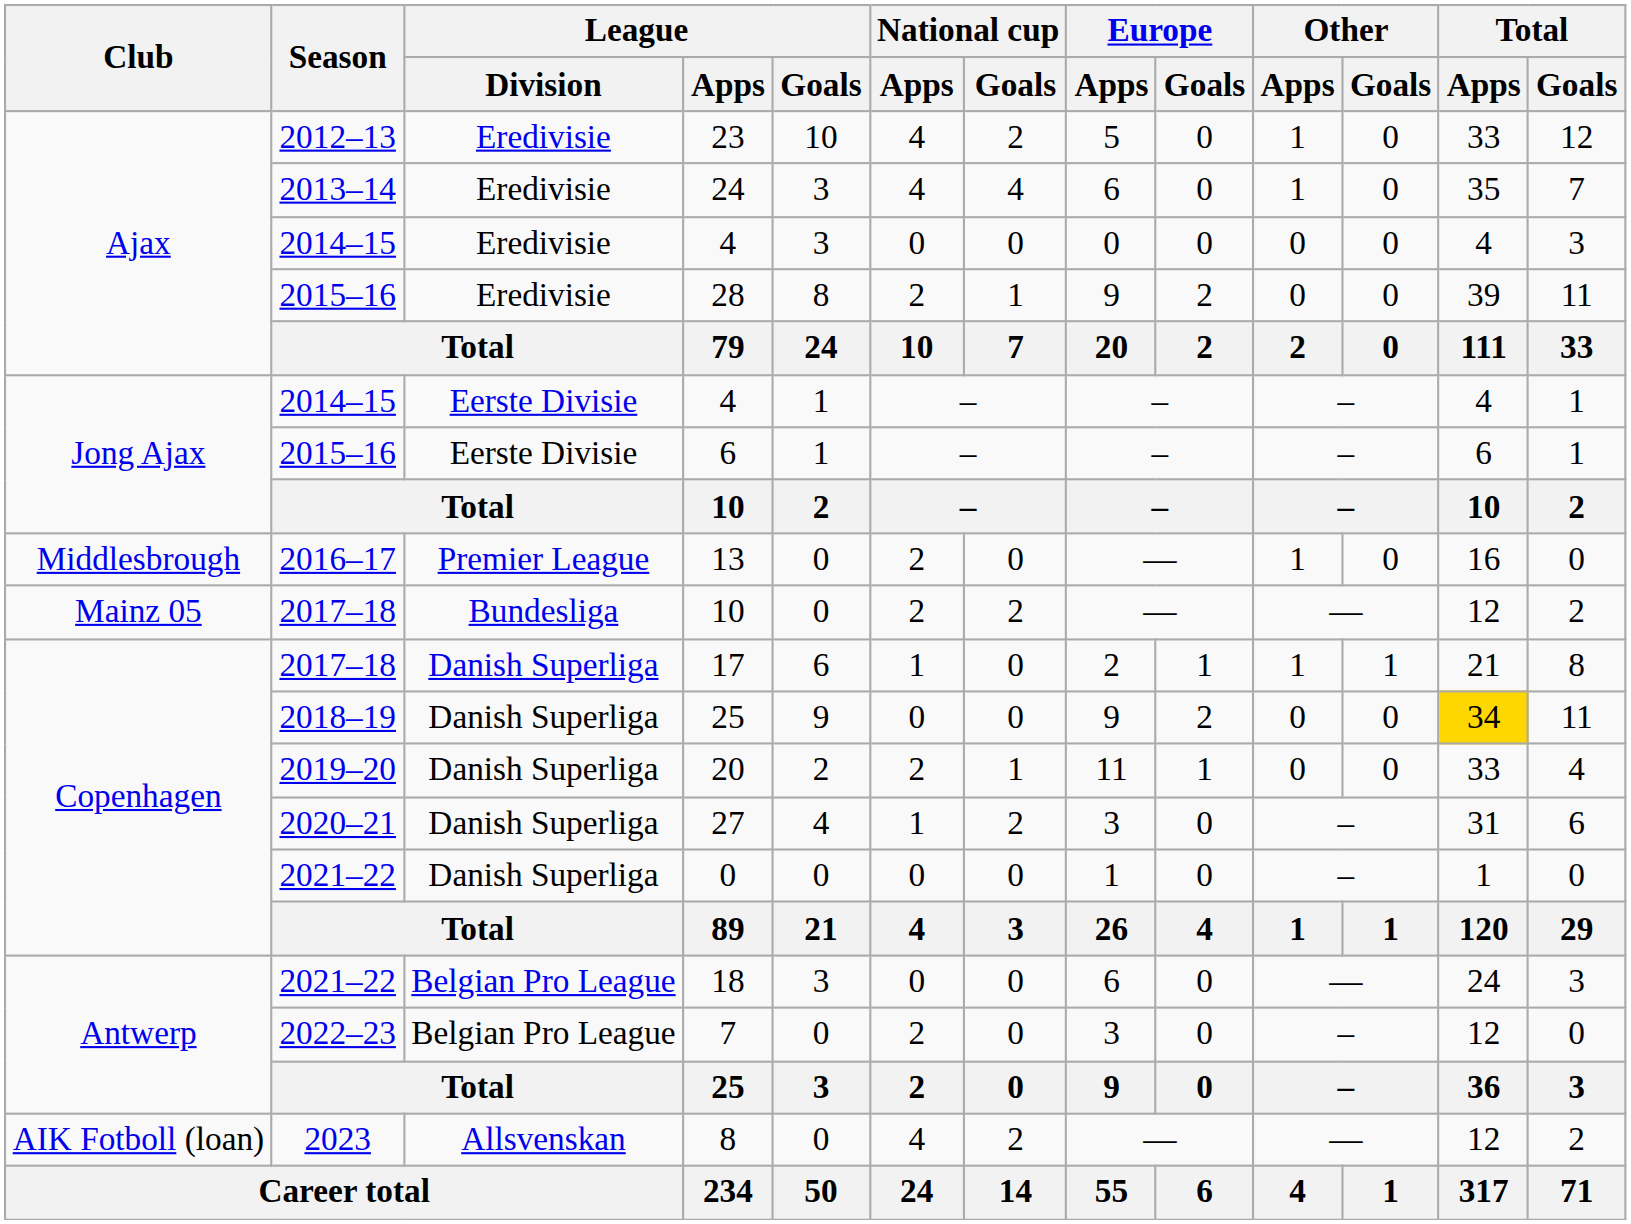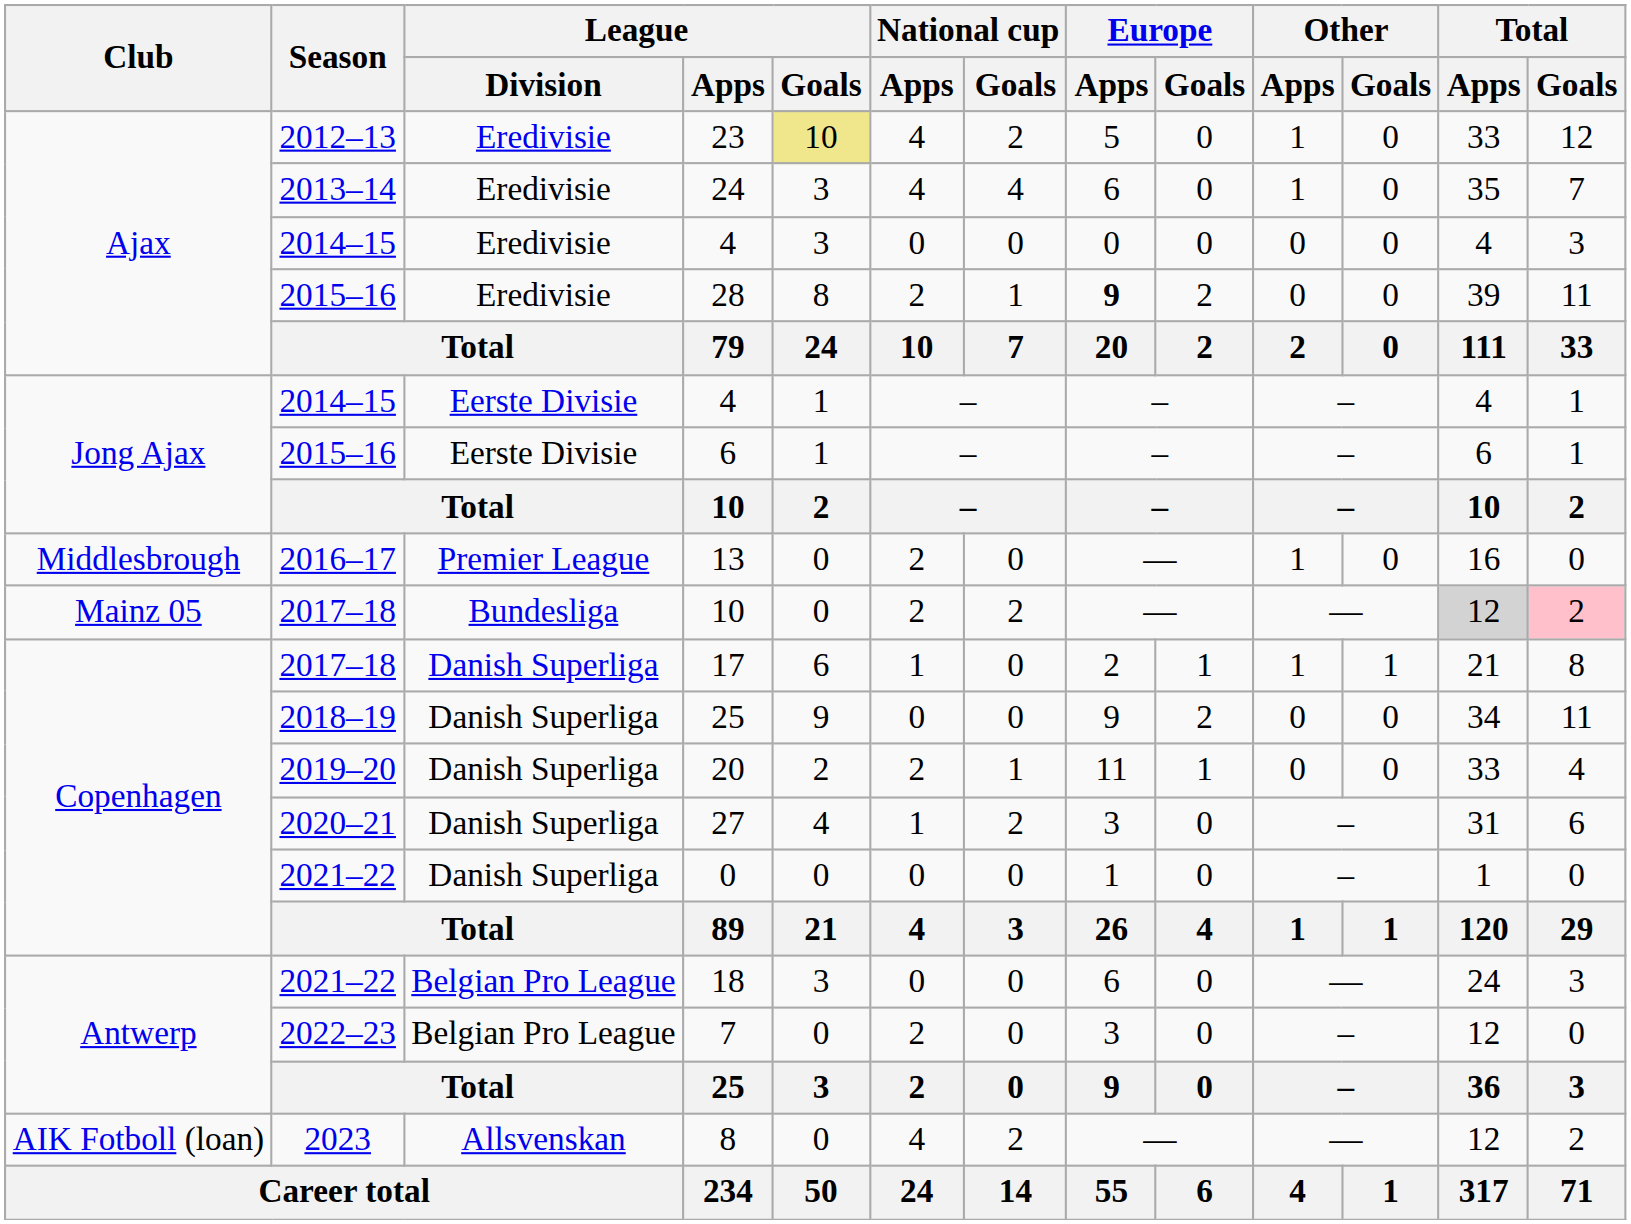 <table class="wikitable" style="text-align:center">
 <tr>
 <th rowspan="2">Club</th>
 <th rowspan="2">Season</th>
 <th colspan="3">League</th>
 <th colspan="2">National cup</th>
 <th colspan="2"><a href='#'>Europe</a></th>
 <th colspan="2">Other</th>
 <th colspan="2">Total</th>
 </tr>
 <tr>
 <th>Division</th>
 <th>Apps</th>
 <th>Goals</th>
 <th>Apps</th>
 <th>Goals</th>
 <th>Apps</th>
 <th>Goals</th>
 <th>Apps</th>
 <th>Goals</th>
 <th>Apps</th>
 <th>Goals</th>
 </tr>
 <tr>
 <td rowspan="5"><a href='#'>Ajax</a></td>
 <td><a href='#'>2012–13</a></td>
 <td><a href='#'>Eredivisie</a></td>
 <td>23</td>
-<td>10</td>
+<td style="background: khaki;">10</td>
 <td>4</td>
 <td>2</td>
 <td>5</td>
 <td>0</td>
 <td>1</td>
 <td>0</td>
 <td>33</td>
 <td>12</td>
 </tr>
 <tr>
 <td><a href='#'>2013–14</a></td>
 <td>Eredivisie</td>
 <td>24</td>
 <td>3</td>
 <td>4</td>
 <td>4</td>
 <td>6</td>
 <td>0</td>
 <td>1</td>
 <td>0</td>
 <td>35</td>
 <td>7</td>
 </tr>
 <tr>
 <td><a href='#'>2014–15</a></td>
 <td>Eredivisie</td>
 <td>4</td>
 <td>3</td>
 <td>0</td>
 <td>0</td>
 <td>0</td>
 <td>0</td>
 <td>0</td>
 <td>0</td>
 <td>4</td>
 <td>3</td>
 </tr>
 <tr>
 <td><a href='#'>2015–16</a></td>
 <td>Eredivisie</td>
 <td>28</td>
 <td>8</td>
 <td>2</td>
 <td>1</td>
-<td>9</td>
+<td><strong>9</strong></td>
 <td>2</td>
 <td>0</td>
 <td>0</td>
 <td>39</td>
 <td>11</td>
 </tr>
 <tr>
 <th colspan="2">Total</th>
 <th>79</th>
 <th>24</th>
 <th>10</th>
 <th>7</th>
 <th>20</th>
 <th>2</th>
 <th>2</th>
 <th>0</th>
 <th>111</th>
 <th>33</th>
 </tr>
 <tr>
 <td rowspan="3"><a href='#'>Jong Ajax</a></td>
 <td><a href='#'>2014–15</a></td>
 <td><a href='#'>Eerste Divisie</a></td>
 <td>4</td>
 <td>1</td>
 <td colspan="2">–</td>
 <td colspan="2">–</td>
 <td colspan="2">–</td>
 <td>4</td>
 <td>1</td>
 </tr>
 <tr>
 <td><a href='#'>2015–16</a></td>
 <td>Eerste Divisie</td>
 <td>6</td>
 <td>1</td>
 <td colspan="2">–</td>
 <td colspan="2">–</td>
 <td colspan="2">–</td>
 <td>6</td>
 <td>1</td>
 </tr>
 <tr>
 <th colspan="2">Total</th>
 <th>10</th>
 <th>2</th>
 <th colspan="2">–</th>
 <th colspan="2">–</th>
 <th colspan="2">–</th>
 <th>10</th>
 <th>2</th>
 </tr>
 <tr>
 <td><a href='#'>Middlesbrough</a></td>
 <td><a href='#'>2016–17</a></td>
 <td><a href='#'>Premier League</a></td>
 <td>13</td>
 <td>0</td>
 <td>2</td>
 <td>0</td>
 <td colspan="2">—</td>
 <td>1</td>
 <td>0</td>
 <td>16</td>
 <td>0</td>
 </tr>
 <tr>
 <td><a href='#'>Mainz 05</a></td>
 <td><a href='#'>2017–18</a></td>
 <td><a href='#'>Bundesliga</a></td>
 <td>10</td>
 <td>0</td>
 <td>2</td>
 <td>2</td>
 <td colspan="2">—</td>
 <td colspan="2">—</td>
-<td>12</td>
-<td>2</td>
+<td style="background: lightgrey;">12</td>
+<td style="background: pink;">2</td>
 </tr>
 <tr>
 <td rowspan="6"><a href='#'>Copenhagen</a></td>
 <td><a href='#'>2017–18</a></td>
 <td><a href='#'>Danish Superliga</a></td>
 <td>17</td>
 <td>6</td>
 <td>1</td>
 <td>0</td>
 <td>2</td>
 <td>1</td>
 <td>1</td>
 <td>1</td>
 <td>21</td>
 <td>8</td>
 </tr>
 <tr>
 <td><a href='#'>2018–19</a></td>
 <td>Danish Superliga</td>
 <td>25</td>
 <td>9</td>
 <td>0</td>
 <td>0</td>
 <td>9</td>
 <td>2</td>
 <td>0</td>
 <td>0</td>
-<td style="background: gold;">34</td>
+<td>34</td>
 <td>11</td>
 </tr>
 <tr>
 <td><a href='#'>2019–20</a></td>
 <td>Danish Superliga</td>
 <td>20</td>
 <td>2</td>
 <td>2</td>
 <td>1</td>
 <td>11</td>
 <td>1</td>
 <td>0</td>
 <td>0</td>
 <td>33</td>
 <td>4</td>
 </tr>
 <tr>
 <td><a href='#'>2020–21</a></td>
 <td>Danish Superliga</td>
 <td>27</td>
 <td>4</td>
 <td>1</td>
 <td>2</td>
 <td>3</td>
 <td>0</td>
 <td colspan="2">–</td>
 <td>31</td>
 <td>6</td>
 </tr>
 <tr>
 <td><a href='#'>2021–22</a></td>
 <td>Danish Superliga</td>
 <td>0</td>
 <td>0</td>
 <td>0</td>
 <td>0</td>
 <td>1</td>
 <td>0</td>
 <td colspan="2">–</td>
 <td>1</td>
 <td>0</td>
 </tr>
 <tr>
 <th colspan="2">Total</th>
 <th>89</th>
 <th>21</th>
 <th>4</th>
 <th>3</th>
 <th>26</th>
 <th>4</th>
 <th>1</th>
 <th>1</th>
 <th>120</th>
 <th>29</th>
 </tr>
 <tr>
 <td rowspan="3"><a href='#'>Antwerp</a></td>
 <td><a href='#'>2021–22</a></td>
 <td><a href='#'>Belgian Pro League</a></td>
 <td>18</td>
 <td>3</td>
 <td>0</td>
 <td>0</td>
 <td>6</td>
 <td>0</td>
 <td colspan="2">—</td>
 <td>24</td>
 <td>3</td>
 </tr>
 <tr>
 <td><a href='#'>2022–23</a></td>
 <td>Belgian Pro League</td>
 <td>7</td>
 <td>0</td>
 <td>2</td>
 <td>0</td>
 <td>3</td>
 <td>0</td>
 <td colspan="2">–</td>
 <td>12</td>
 <td>0</td>
 </tr>
 <tr>
 <th colspan="2">Total</th>
 <th>25</th>
 <th>3</th>
 <th>2</th>
 <th>0</th>
 <th>9</th>
 <th>0</th>
 <th colspan="2">–</th>
 <th>36</th>
 <th>3</th>
 </tr>
 <tr>
 <td><a href='#'>AIK Fotboll</a> (loan)</td>
 <td><a href='#'>2023</a></td>
 <td><a href='#'>Allsvenskan</a></td>
 <td>8</td>
 <td>0</td>
 <td>4</td>
 <td>2</td>
 <td colspan="2">—</td>
 <td colspan="2">—</td>
 <td>12</td>
 <td>2</td>
 </tr>
 <tr>
 <th colspan="3">Career total</th>
 <th>234</th>
 <th>50</th>
 <th>24</th>
 <th>14</th>
 <th>55</th>
 <th>6</th>
 <th>4</th>
 <th>1</th>
 <th>317</th>
 <th>71</th>
 </tr>
 </table>
